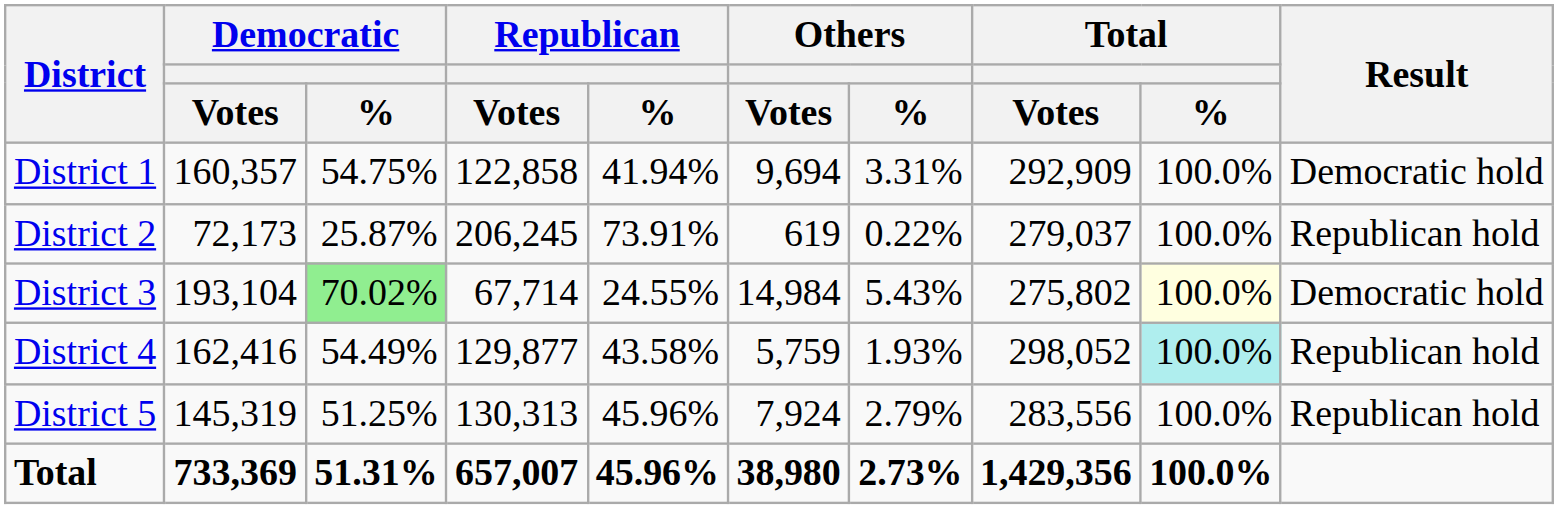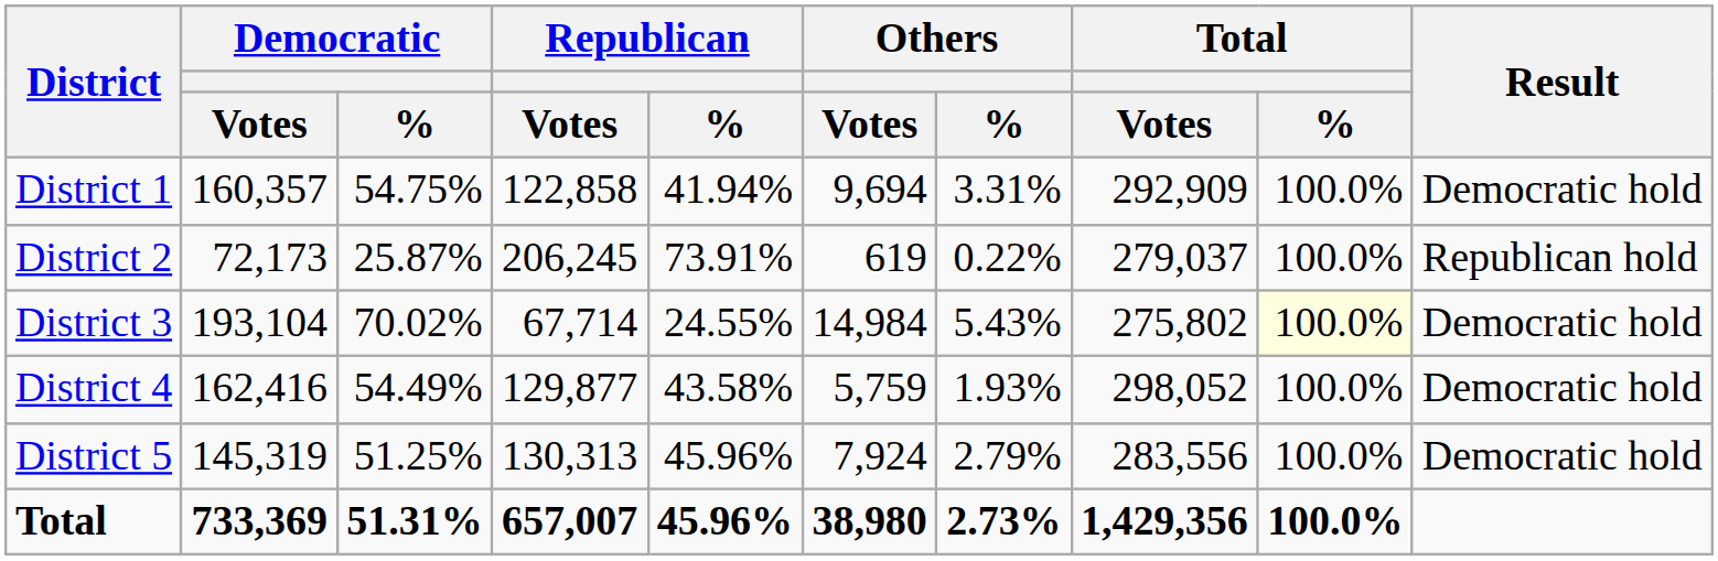 <table class="wikitable plainrowheaders sortable" style="font-size:100%; text-align:right;">
 <tr>
 <th scope=col rowspan=3><a href='#'>District</a></th>
 <th scope=col colspan=2><a href='#'>Democratic</a></th>
 <th scope=col colspan=2><a href='#'>Republican</a></th>
 <th scope=col colspan=2>Others</th>
 <th scope=col colspan=2>Total</th>
 <th scope=col rowspan=3>Result</th>
 </tr>
 <tr>
 <th scope=col colspan=2 style="background:"></th>
 <th scope=col colspan=2 style="background:"></th>
 <th scope=col colspan=2></th>
 <th scope=col colspan=2></th>
 </tr>
 <tr>
 <th scope=col data-sort-type="number">Votes</th>
 <th scope=col data-sort-type="number">%</th>
 <th scope=col data-sort-type="number">Votes</th>
 <th scope=col data-sort-type="number">%</th>
 <th scope=col data-sort-type="number">Votes</th>
 <th scope=col data-sort-type="number">%</th>
 <th scope=col data-sort-type="number">Votes</th>
 <th scope=col data-sort-type="number">%</th>
 </tr>
 <tr>
 <td align=left><a href='#'>District 1</a></td>
 <td>160,357</td>
 <td>54.75%</td>
 <td>122,858</td>
 <td>41.94%</td>
 <td>9,694</td>
 <td>3.31%</td>
 <td>292,909</td>
 <td>100.0%</td>
 <td align=left>Democratic hold</td>
 </tr>
 <tr>
 <td align=left><a href='#'>District 2</a></td>
 <td>72,173</td>
 <td>25.87%</td>
 <td>206,245</td>
 <td>73.91%</td>
 <td>619</td>
 <td>0.22%</td>
 <td>279,037</td>
 <td>100.0%</td>
 <td align=left>Republican hold</td>
 </tr>
 <tr>
 <td align=left><a href='#'>District 3</a></td>
 <td>193,104</td>
-<td style="background: lightgreen;">70.02%</td>
+<td>70.02%</td>
 <td>67,714</td>
 <td>24.55%</td>
 <td>14,984</td>
 <td>5.43%</td>
 <td>275,802</td>
 <td style="background: lightyellow;">100.0%</td>
 <td align=left>Democratic hold</td>
 </tr>
 <tr>
 <td align=left><a href='#'>District 4</a></td>
 <td>162,416</td>
 <td>54.49%</td>
 <td>129,877</td>
 <td>43.58%</td>
 <td>5,759</td>
 <td>1.93%</td>
 <td>298,052</td>
-<td style="background: paleturquoise;">100.0%</td>
-<td align=left>Republican hold</td>
+<td>100.0%</td>
+<td align=left>Democratic hold</td>
 </tr>
 <tr>
 <td align=left><a href='#'>District 5</a></td>
 <td>145,319</td>
 <td>51.25%</td>
 <td>130,313</td>
 <td>45.96%</td>
 <td>7,924</td>
 <td>2.79%</td>
 <td>283,556</td>
 <td>100.0%</td>
-<td align=left>Republican hold</td>
+<td align=left>Democratic hold</td>
 </tr>
 <tr class="sortbottom" style="font-weight:bold">
 <td align=left>Total</td>
 <td>733,369</td>
 <td>51.31%</td>
 <td>657,007</td>
 <td>45.96%</td>
 <td>38,980</td>
 <td>2.73%</td>
 <td>1,429,356</td>
 <td>100.0%</td>
 <td></td>
 </tr>
 </table>
